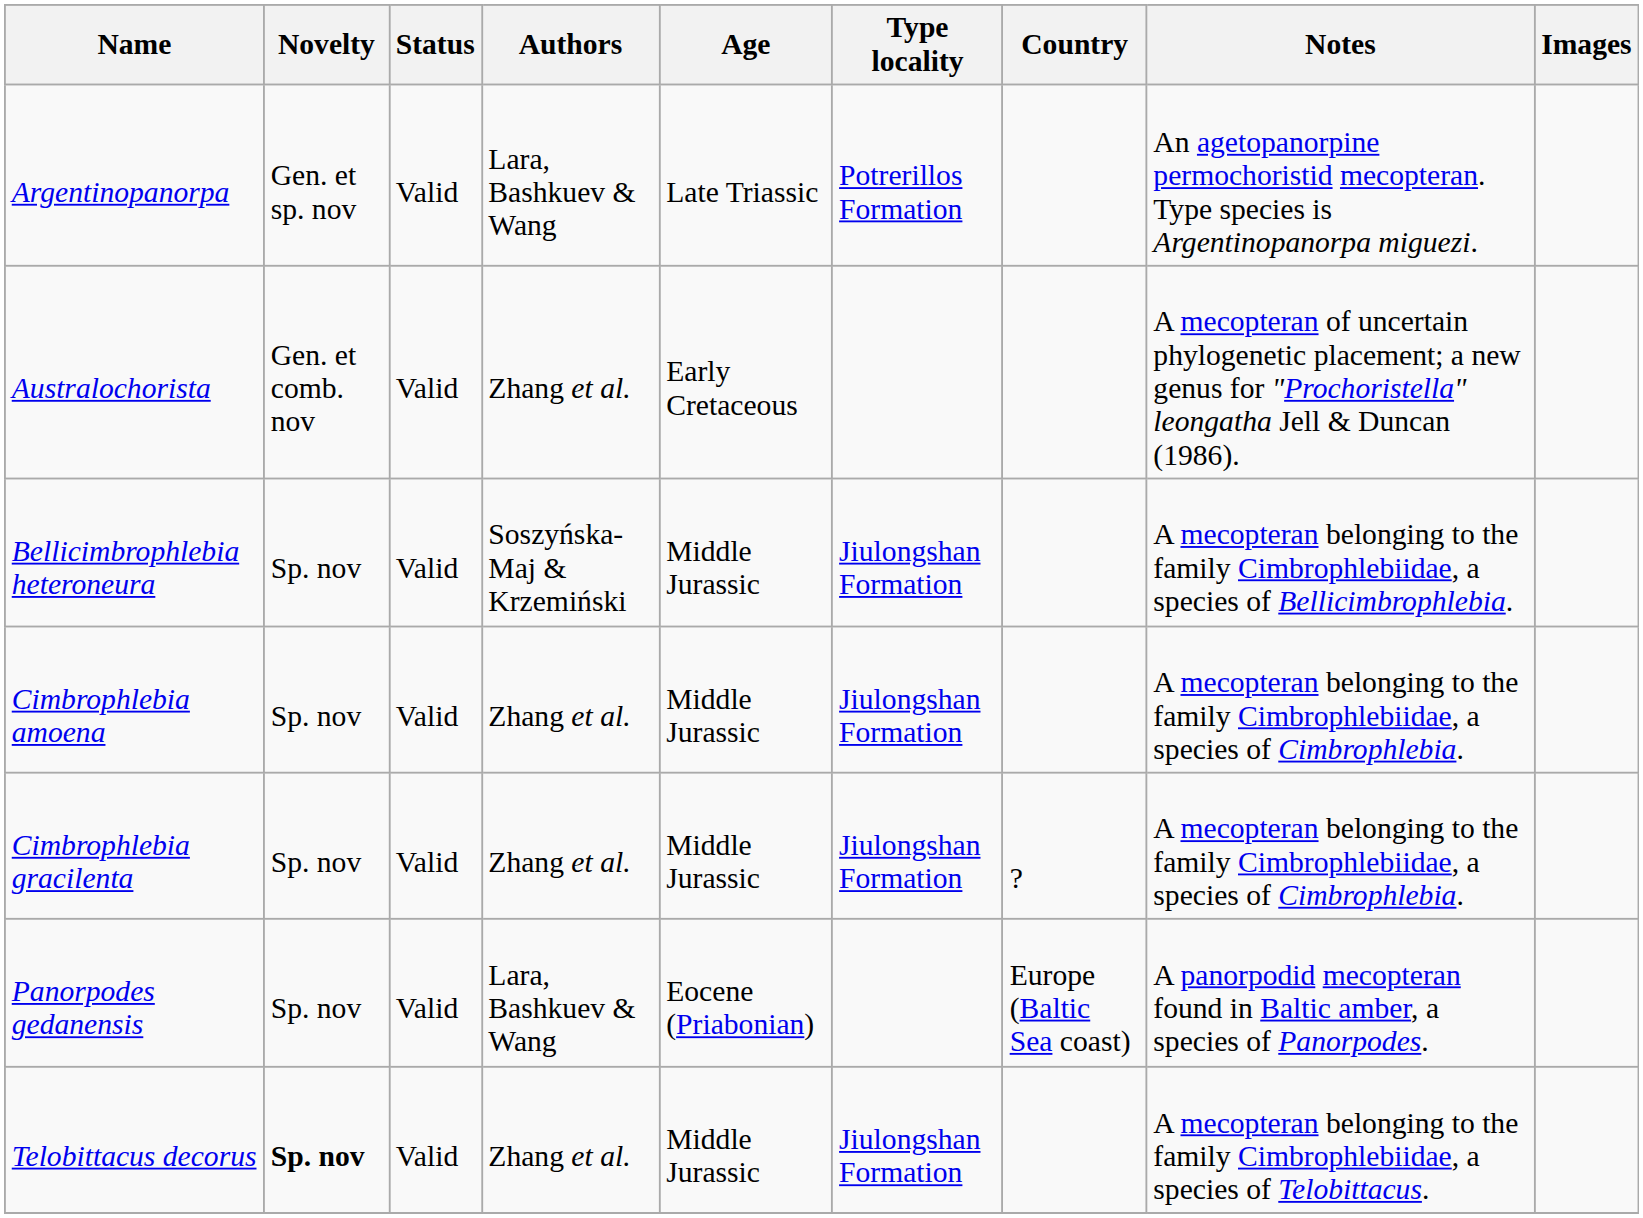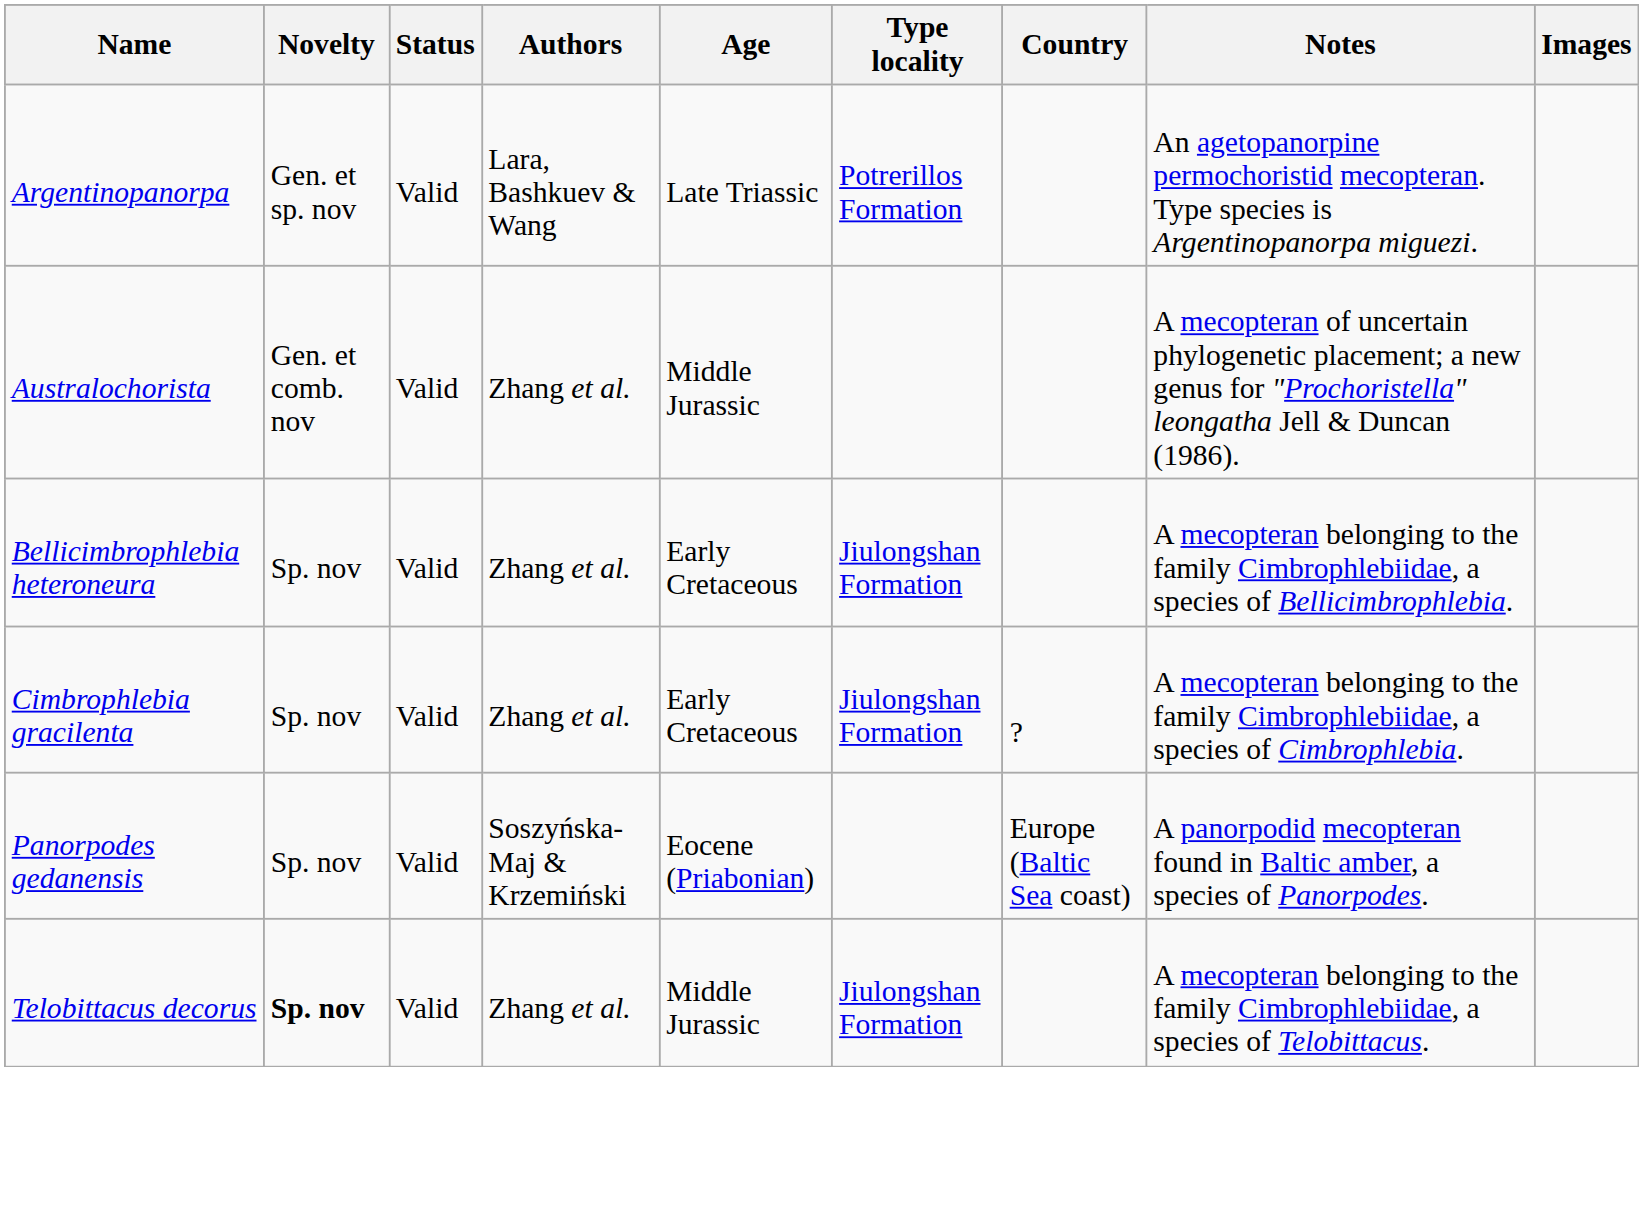 <table class="wikitable sortable" align="center" width="100%">
 <tr>
 <th>Name</th>
 <th>Novelty</th>
 <th>Status</th>
 <th>Authors</th>
 <th>Age</th>
 <th>Type locality</th>
 <th>Country</th>
 <th>Notes</th>
 <th>Images</th>
 </tr>
 <tr>
 <td><br><em><a href='#'>Argentinopanorpa</a></em></td>
 <td><br>Gen. et sp. nov</td>
 <td><br>Valid</td>
 <td><br>Lara, Bashkuev & Wang</td>
 <td><br>Late Triassic</td>
 <td><br><a href='#'>Potrerillos Formation</a></td>
 <td><br></td>
 <td><br>An <a href='#'>agetopanorpine</a> <a href='#'>permochoristid</a> <a href='#'>mecopteran</a>. Type species is <em>Argentinopanorpa miguezi</em>.</td>
 <td></td>
 </tr>
 <tr>
 <td><br><em><a href='#'>Australochorista</a></em></td>
 <td><br>Gen. et comb. nov</td>
 <td><br>Valid</td>
 <td><br>Zhang <em>et al.</em></td>
-<td><br>Early Cretaceous</td>
+<td><br>Middle Jurassic</td>
 <td></td>
 <td><br></td>
 <td><br>A <a href='#'>mecopteran</a> of uncertain phylogenetic placement; a new genus for <em>"<a href='#'>Prochoristella</a>" leongatha</em> Jell & Duncan (1986).</td>
 <td></td>
 </tr>
 <tr>
 <td><br><em><a href='#'>Bellicimbrophlebia heteroneura</a></em></td>
 <td><br>Sp. nov</td>
 <td><br>Valid</td>
-<td><br>Soszyńska-Maj & Krzemiński</td>
-<td><br>Middle Jurassic</td>
+<td><br>Zhang <em>et al.</em></td>
+<td><br>Early Cretaceous</td>
 <td><br><a href='#'>Jiulongshan Formation</a></td>
 <td><br></td>
 <td><br>A <a href='#'>mecopteran</a> belonging to the family <a href='#'>Cimbrophlebiidae</a>, a species of <em><a href='#'>Bellicimbrophlebia</a></em>.</td>
-<td></td>
-</tr>
-<tr>
-<td><br><em><a href='#'>Cimbrophlebia amoena</a></em></td>
-<td><br>Sp. nov</td>
-<td><br>Valid</td>
-<td><br>Zhang <em>et al.</em></td>
-<td><br>Middle Jurassic</td>
-<td><br><a href='#'>Jiulongshan Formation</a></td>
-<td><br></td>
-<td><br>A <a href='#'>mecopteran</a> belonging to the family <a href='#'>Cimbrophlebiidae</a>, a species of <em><a href='#'>Cimbrophlebia</a></em>.</td>
 <td></td>
 </tr>
 <tr>
 <td><br><em><a href='#'>Cimbrophlebia gracilenta</a></em></td>
 <td><br>Sp. nov</td>
 <td><br>Valid</td>
 <td><br>Zhang <em>et al.</em></td>
-<td><br>Middle Jurassic</td>
+<td><br>Early Cretaceous</td>
 <td><br><a href='#'>Jiulongshan Formation</a></td>
 <td><br><br> ?</td>
 <td><br>A <a href='#'>mecopteran</a> belonging to the family <a href='#'>Cimbrophlebiidae</a>, a species of <em><a href='#'>Cimbrophlebia</a></em>.</td>
 <td></td>
 </tr>
 <tr>
 <td><br><em><a href='#'>Panorpodes gedanensis</a></em></td>
 <td><br>Sp. nov</td>
 <td><br>Valid</td>
-<td><br>Lara, Bashkuev & Wang</td>
+<td><br>Soszyńska-Maj & Krzemiński</td>
 <td><br>Eocene (<a href='#'>Priabonian</a>)</td>
 <td></td>
 <td><br>Europe (<a href='#'>Baltic Sea</a> coast)</td>
 <td><br>A <a href='#'>panorpodid</a> <a href='#'>mecopteran</a> found in <a href='#'>Baltic amber</a>, a species of <em><a href='#'>Panorpodes</a></em>.</td>
 <td></td>
 </tr>
 <tr>
 <td><br><em><a href='#'>Telobittacus decorus</a></em></td>
 <td><strong><br>Sp. nov</strong></td>
 <td><br>Valid</td>
 <td><br>Zhang <em>et al.</em></td>
 <td><br>Middle Jurassic</td>
 <td><br><a href='#'>Jiulongshan Formation</a></td>
 <td><br></td>
 <td><br>A <a href='#'>mecopteran</a> belonging to the family <a href='#'>Cimbrophlebiidae</a>, a species of <em><a href='#'>Telobittacus</a></em>.</td>
 <td></td>
 </tr>
 <tr>
 </tr>
 </table>
